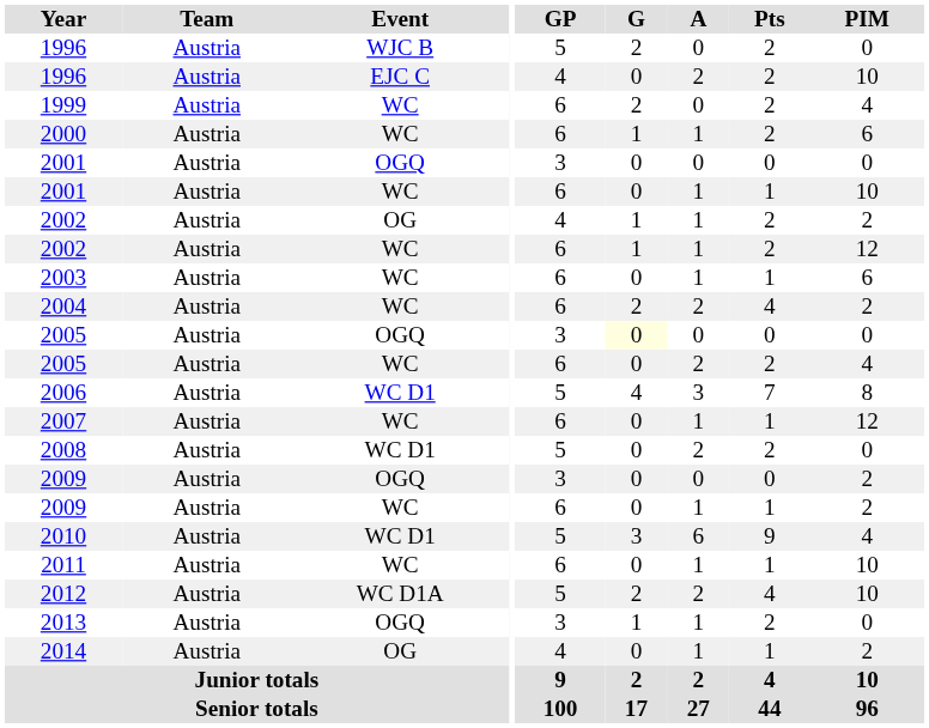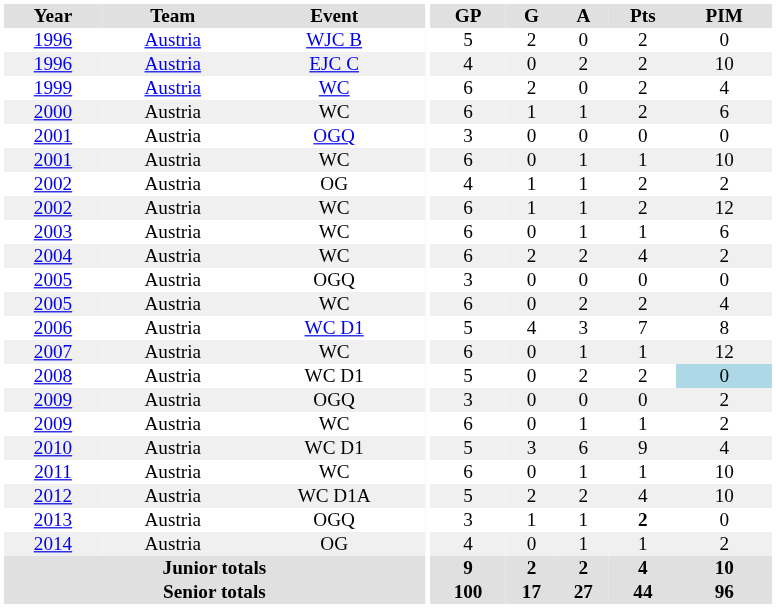 <table border="0" cellpadding="1" cellspacing="0" style="text-align:center; width:40em">
 <tr bgcolor="#e0e0e0">
 <th>Year</th>
 <th>Team</th>
 <th>Event</th>
 <th rowspan="99" bgcolor="#ffffff"></th>
 <th>GP</th>
 <th>G</th>
 <th>A</th>
 <th>Pts</th>
 <th>PIM</th>
 </tr>
 <tr>
 <td><a href='#'>1996</a></td>
 <td><a href='#'>Austria</a></td>
 <td><a href='#'>WJC B</a></td>
 <td>5</td>
 <td>2</td>
 <td>0</td>
 <td>2</td>
 <td>0</td>
 </tr>
 <tr bgcolor="#f0f0f0">
 <td><a href='#'>1996</a></td>
 <td><a href='#'>Austria</a></td>
 <td><a href='#'>EJC C</a></td>
 <td>4</td>
 <td>0</td>
 <td>2</td>
 <td>2</td>
 <td>10</td>
 </tr>
 <tr>
 <td><a href='#'>1999</a></td>
 <td><a href='#'>Austria</a></td>
 <td><a href='#'>WC</a></td>
 <td>6</td>
 <td>2</td>
 <td>0</td>
 <td>2</td>
 <td>4</td>
 </tr>
 <tr bgcolor="#f0f0f0">
 <td><a href='#'>2000</a></td>
 <td>Austria</td>
 <td>WC</td>
 <td>6</td>
 <td>1</td>
 <td>1</td>
 <td>2</td>
 <td>6</td>
 </tr>
 <tr>
 <td><a href='#'>2001</a></td>
 <td>Austria</td>
 <td><a href='#'>OGQ</a></td>
 <td>3</td>
 <td>0</td>
 <td>0</td>
 <td>0</td>
 <td>0</td>
 </tr>
 <tr bgcolor="#f0f0f0">
 <td><a href='#'>2001</a></td>
 <td>Austria</td>
 <td>WC</td>
 <td>6</td>
 <td>0</td>
 <td>1</td>
 <td>1</td>
 <td>10</td>
 </tr>
 <tr>
 <td><a href='#'>2002</a></td>
 <td>Austria</td>
 <td>OG</td>
 <td>4</td>
 <td>1</td>
 <td>1</td>
 <td>2</td>
 <td>2</td>
 </tr>
 <tr bgcolor="#f0f0f0">
 <td><a href='#'>2002</a></td>
 <td>Austria</td>
 <td>WC</td>
 <td>6</td>
 <td>1</td>
 <td>1</td>
 <td>2</td>
 <td>12</td>
 </tr>
 <tr>
 <td><a href='#'>2003</a></td>
 <td>Austria</td>
 <td>WC</td>
 <td>6</td>
 <td>0</td>
 <td>1</td>
 <td>1</td>
 <td>6</td>
 </tr>
 <tr bgcolor="#f0f0f0">
 <td><a href='#'>2004</a></td>
 <td>Austria</td>
 <td>WC</td>
 <td>6</td>
 <td>2</td>
 <td>2</td>
 <td>4</td>
 <td>2</td>
 </tr>
 <tr>
 <td><a href='#'>2005</a></td>
 <td>Austria</td>
 <td>OGQ</td>
 <td>3</td>
-<td style="background: lightyellow;">0</td>
+<td>0</td>
 <td>0</td>
 <td>0</td>
 <td>0</td>
 </tr>
 <tr bgcolor="#f0f0f0">
 <td><a href='#'>2005</a></td>
 <td>Austria</td>
 <td>WC</td>
 <td>6</td>
 <td>0</td>
 <td>2</td>
 <td>2</td>
 <td>4</td>
 </tr>
 <tr>
 <td><a href='#'>2006</a></td>
 <td>Austria</td>
 <td><a href='#'>WC D1</a></td>
 <td>5</td>
 <td>4</td>
 <td>3</td>
 <td>7</td>
 <td>8</td>
 </tr>
 <tr bgcolor="#f0f0f0">
 <td><a href='#'>2007</a></td>
 <td>Austria</td>
 <td>WC</td>
 <td>6</td>
 <td>0</td>
 <td>1</td>
 <td>1</td>
 <td>12</td>
 </tr>
 <tr>
 <td><a href='#'>2008</a></td>
 <td>Austria</td>
 <td>WC D1</td>
 <td>5</td>
 <td>0</td>
 <td>2</td>
 <td>2</td>
-<td>0</td>
+<td style="background: lightblue;">0</td>
 </tr>
 <tr bgcolor="#f0f0f0">
 <td><a href='#'>2009</a></td>
 <td>Austria</td>
 <td>OGQ</td>
 <td>3</td>
 <td>0</td>
 <td>0</td>
 <td>0</td>
 <td>2</td>
 </tr>
 <tr>
 <td><a href='#'>2009</a></td>
 <td>Austria</td>
 <td>WC</td>
 <td>6</td>
 <td>0</td>
 <td>1</td>
 <td>1</td>
 <td>2</td>
 </tr>
 <tr bgcolor="#f0f0f0">
 <td><a href='#'>2010</a></td>
 <td>Austria</td>
 <td>WC D1</td>
 <td>5</td>
 <td>3</td>
 <td>6</td>
 <td>9</td>
 <td>4</td>
 </tr>
 <tr>
 <td><a href='#'>2011</a></td>
 <td>Austria</td>
 <td>WC</td>
 <td>6</td>
 <td>0</td>
 <td>1</td>
 <td>1</td>
 <td>10</td>
 </tr>
 <tr bgcolor="#f0f0f0">
 <td><a href='#'>2012</a></td>
 <td>Austria</td>
 <td>WC D1A</td>
 <td>5</td>
 <td>2</td>
 <td>2</td>
 <td>4</td>
 <td>10</td>
 </tr>
 <tr>
 <td><a href='#'>2013</a></td>
 <td>Austria</td>
 <td>OGQ</td>
 <td>3</td>
 <td>1</td>
 <td>1</td>
-<td>2</td>
+<td><strong>2</strong></td>
 <td>0</td>
 </tr>
 <tr bgcolor="#f0f0f0">
 <td><a href='#'>2014</a></td>
 <td>Austria</td>
 <td>OG</td>
 <td>4</td>
 <td>0</td>
 <td>1</td>
 <td>1</td>
 <td>2</td>
 </tr>
 <tr bgcolor="#e0e0e0">
 <th colspan="3">Junior totals</th>
 <th>9</th>
 <th>2</th>
 <th>2</th>
 <th>4</th>
 <th>10</th>
 </tr>
 <tr bgcolor="#e0e0e0">
 <th colspan="3">Senior totals</th>
 <th>100</th>
 <th>17</th>
 <th>27</th>
 <th>44</th>
 <th>96</th>
 </tr>
 </table>
